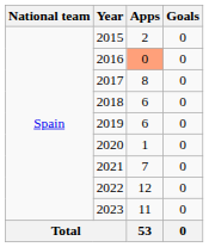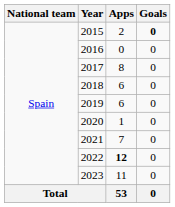 <table class="wikitable" style="text-align:center">
 <tr>
 <th>National team</th>
 <th>Year</th>
 <th>Apps</th>
 <th>Goals</th>
 </tr>
 <tr>
 <td rowspan="9"><a href='#'>Spain</a></td>
 <td>2015</td>
 <td>2</td>
-<td>0</td>
+<td><strong>0</strong></td>
 </tr>
 <tr>
 <td>2016</td>
-<td style="background: lightsalmon;">0</td>
+<td>0</td>
 <td>0</td>
 </tr>
 <tr>
 <td>2017</td>
 <td>8</td>
 <td>0</td>
 </tr>
 <tr>
 <td>2018</td>
 <td>6</td>
 <td>0</td>
 </tr>
 <tr>
 <td>2019</td>
 <td>6</td>
 <td>0</td>
 </tr>
 <tr>
 <td>2020</td>
 <td>1</td>
 <td>0</td>
 </tr>
 <tr>
 <td>2021</td>
 <td>7</td>
 <td>0</td>
 </tr>
 <tr>
 <td>2022</td>
-<td>12</td>
+<td><strong>12</strong></td>
 <td>0</td>
 </tr>
 <tr>
 <td>2023</td>
 <td>11</td>
 <td>0</td>
 </tr>
 <tr>
 <th colspan="2">Total</th>
 <th>53</th>
 <th>0</th>
 </tr>
 </table>
